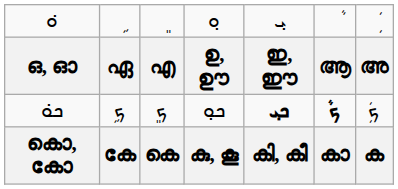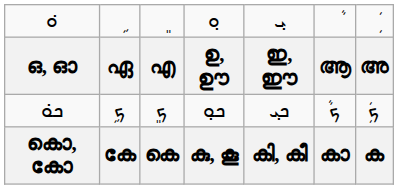 <table border="1" cellspacing="0" cellpadding="8" width="300" style="text-align:center;" class="wikitable">
 <tr>
 <td>ܘ݁</td>
 <td>ܹ</td>
 <td>ܸ</td>
 <td>ܘ݂</td>
 <td>ܝ݂</td>
 <td>ܵ</td>
 <td>ܲ</td>
 </tr>
 <tr>
 <th>ഒ, ഓ</th>
 <th>ഏ</th>
 <th>എ</th>
 <th>ഉ, ഊ</th>
 <th>ഇ, ഈ</th>
 <th>ആ</th>
 <th>അ</th>
 </tr>
 <tr>
 <td>ܟܘ݁</td>
 <td>ܟܹ</td>
 <td>ܟܸ</td>
 <td>ܟܘ݂</td>
-<td><strong>ܟܝ݂</strong></td>
-<td><strong>ܟܵ</strong></td>
+<td>ܟܝ݂</td>
+<td>ܟܵ</td>
 <td>ܟܲ</td>
 </tr>
 <tr>
 <th>കൊ, കോ</th>
 <th>കേ</th>
 <th>കെ</th>
 <th>കു, കൂ</th>
 <th>കി, കീ</th>
 <th>കാ</th>
 <th>ക</th>
 </tr>
 </table>
